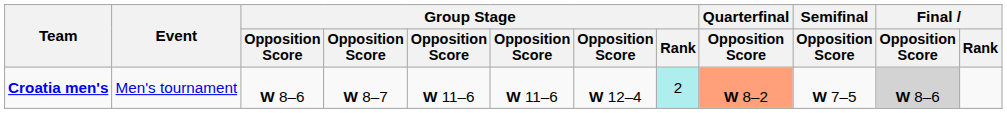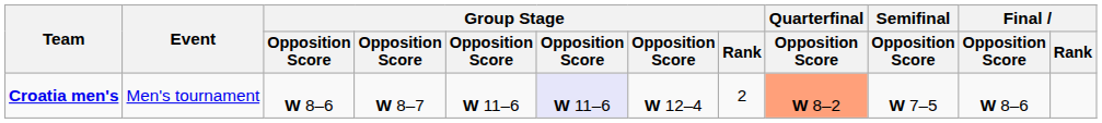 <table class="wikitable" style="font-size:90%">
 <tr>
 <th rowspan=2>Team</th>
 <th rowspan=2>Event</th>
 <th colspan=6>Group Stage</th>
 <th>Quarterfinal</th>
 <th>Semifinal</th>
 <th colspan=2>Final / </th>
 </tr>
 <tr style="font-size:95%">
 <th>Opposition<br>Score</th>
 <th>Opposition<br>Score</th>
 <th>Opposition<br>Score</th>
 <th>Opposition<br>Score</th>
 <th>Opposition<br>Score</th>
 <th>Rank</th>
 <th>Opposition<br>Score</th>
 <th>Opposition<br>Score</th>
 <th>Opposition<br>Score</th>
 <th>Rank</th>
 </tr>
 <tr align=center>
 <td align=left><strong><a href='#'>Croatia men's</a></strong></td>
 <td align=left><a href='#'>Men's tournament</a></td>
 <td><br><strong>W</strong> 8–6</td>
 <td><br><strong>W</strong> 8–7</td>
 <td><br><strong>W</strong> 11–6</td>
-<td><br><strong>W</strong> 11–6</td>
+<td style="background: lavender;"><br><strong>W</strong> 11–6</td>
 <td><br><strong>W</strong> 12–4</td>
-<td style="background: paleturquoise;">2</td>
+<td>2</td>
 <td style="background: lightsalmon;"><br><strong>W</strong> 8–2</td>
 <td><br><strong>W</strong> 7–5</td>
-<td style="background: lightgrey;"><br><strong>W</strong> 8–6</td>
+<td><br><strong>W</strong> 8–6</td>
 <td></td>
 </tr>
 </table>
